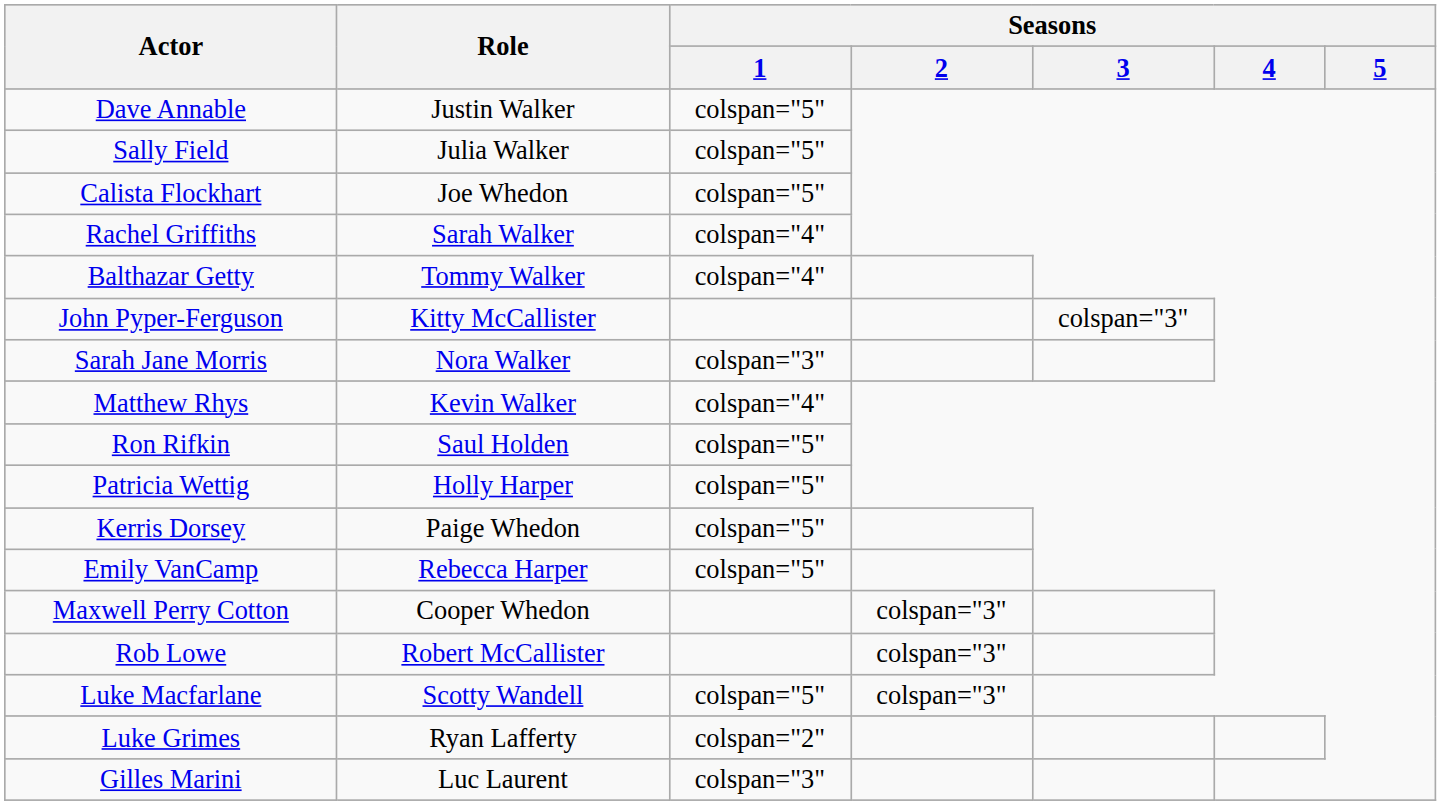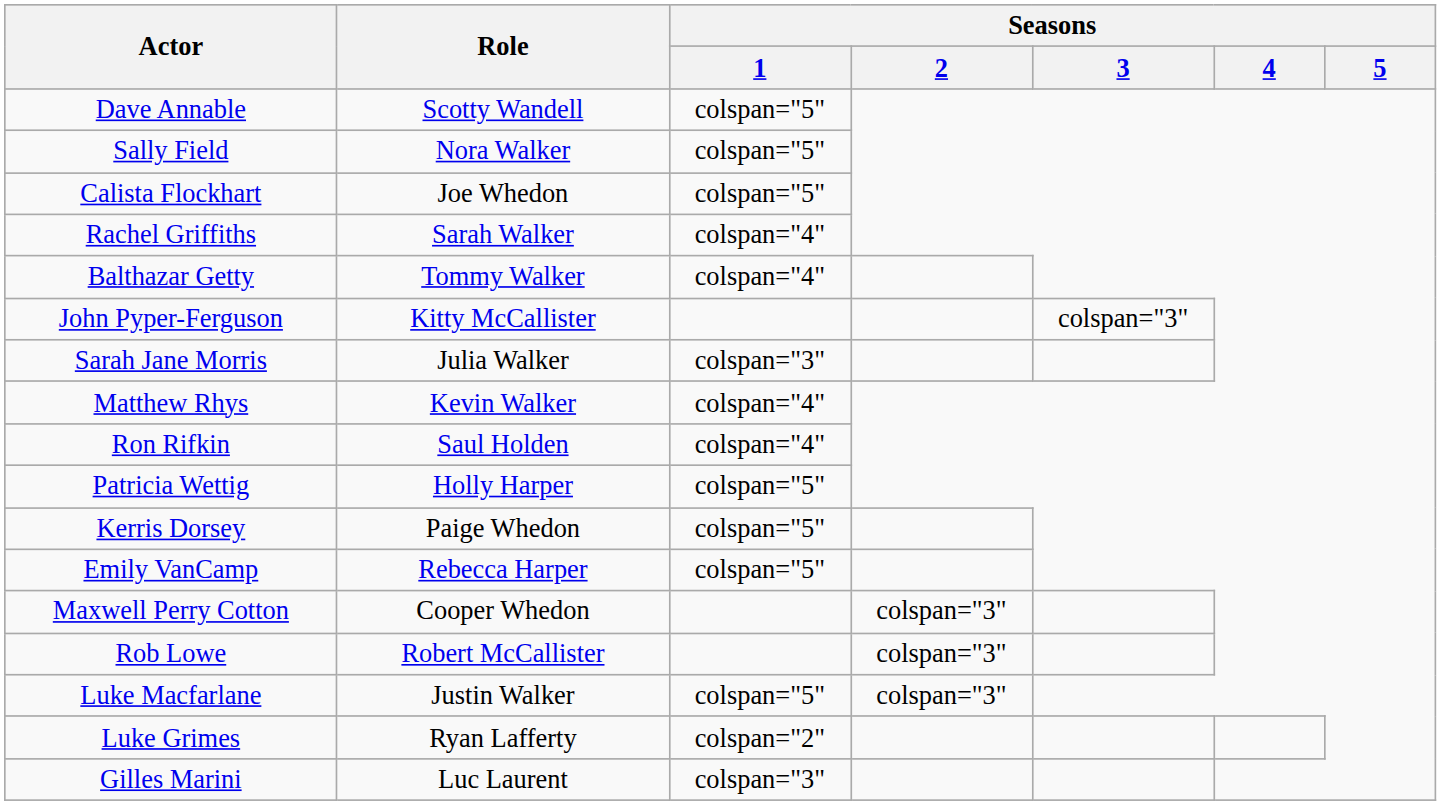 <table class="wikitable" style="text-align:center">
 <tr>
 <th scope="col" rowspan="2" style="width:15%;">Actor</th>
 <th scope="col" rowspan="2" style="width:15%;">Role</th>
 <th scope="col" colspan="5" style="width:10%;">Seasons</th>
 </tr>
 <tr>
 <th width="5%"><a href='#'>1</a></th>
 <th width="5%"><a href='#'>2</a></th>
 <th width="5%"><a href='#'>3</a></th>
 <th width="5%"><a href='#'>4</a></th>
 <th width="5%"><a href='#'>5</a></th>
 </tr>
 <tr>
 <td><a href='#'>Dave Annable</a></td>
-<td>Justin Walker</td>
+<td><a href='#'>Scotty Wandell</a></td>
 <td>colspan="5" </td>
 </tr>
 <tr>
 <td><a href='#'>Sally Field</a></td>
-<td Julia Walker (Brothers & Sisters)>Julia Walker</td>
+<td><a href='#'>Nora Walker</a></td>
 <td>colspan="5" </td>
 </tr>
 <tr>
 <td><a href='#'>Calista Flockhart</a></td>
 <td>Joe Whedon</td>
 <td>colspan="5" </td>
 </tr>
 <tr>
 <td><a href='#'>Rachel Griffiths</a></td>
 <td><a href='#'>Sarah Walker</a></td>
 <td>colspan="4" </td>
 </tr>
 <tr>
 <td><a href='#'>Balthazar Getty</a></td>
 <td><a href='#'>Tommy Walker</a></td>
 <td>colspan="4" </td>
 <td></td>
 </tr>
 <tr>
 <td><a href='#'>John Pyper-Ferguson</a></td>
 <td><a href='#'>Kitty McCallister</a></td>
 <td></td>
 <td></td>
 <td>colspan="3" </td>
 </tr>
 <tr>
 <td><a href='#'>Sarah Jane Morris</a></td>
-<td><a href='#'>Nora Walker</a></td>
+<td Julia Walker (Brothers & Sisters)>Julia Walker</td>
 <td>colspan="3" </td>
 <td></td>
 <td></td>
 </tr>
 <tr>
 <td><a href='#'>Matthew Rhys</a></td>
 <td><a href='#'>Kevin Walker</a></td>
 <td>colspan="4" </td>
 </tr>
 <tr>
 <td><a href='#'>Ron Rifkin</a></td>
 <td><a href='#'>Saul Holden</a></td>
-<td>colspan="5" </td>
+<td>colspan="4" </td>
 </tr>
 <tr>
 <td><a href='#'>Patricia Wettig</a></td>
 <td><a href='#'>Holly Harper</a></td>
 <td>colspan="5" </td>
 </tr>
 <tr>
 <td><a href='#'>Kerris Dorsey</a></td>
 <td>Paige Whedon</td>
 <td>colspan="5" </td>
 <td></td>
 </tr>
 <tr>
 <td><a href='#'>Emily VanCamp</a></td>
 <td><a href='#'>Rebecca Harper</a></td>
 <td>colspan="5" </td>
 <td></td>
 </tr>
 <tr>
 <td><a href='#'>Maxwell Perry Cotton</a></td>
 <td>Cooper Whedon</td>
 <td></td>
 <td>colspan="3" </td>
 <td></td>
 </tr>
 <tr>
 <td><a href='#'>Rob Lowe</a></td>
 <td><a href='#'>Robert McCallister</a></td>
 <td></td>
 <td>colspan="3" </td>
 <td></td>
 </tr>
 <tr>
 <td><a href='#'>Luke Macfarlane</a></td>
-<td><a href='#'>Scotty Wandell</a></td>
+<td>Justin Walker</td>
 <td>colspan="5" </td>
 <td>colspan="3" </td>
 </tr>
 <tr>
 <td><a href='#'>Luke Grimes</a></td>
 <td>Ryan Lafferty</td>
 <td>colspan="2" </td>
 <td></td>
 <td></td>
 <td></td>
 </tr>
 <tr>
 <td><a href='#'>Gilles Marini</a></td>
 <td>Luc Laurent</td>
 <td>colspan="3" </td>
 <td></td>
 <td></td>
 </tr>
 </table>
